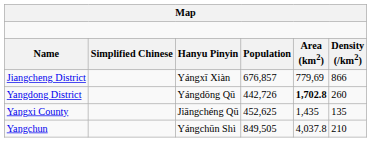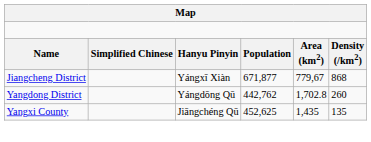 <table class="wikitable" style="font-size:90%;">
 <tr>
 <th colspan="6">Map</th>
 </tr>
 <tr>
 <td colspan="6"><div><br>      </div></td>
 </tr>
 <tr>
 <th>Name</th>
 <th>Simplified Chinese</th>
 <th>Hanyu Pinyin</th>
 <th>Population<br></th>
 <th>Area<br>(km<sup>2</sup>)</th>
 <th>Density<br>(/km<sup>2</sup>)</th>
 </tr>
 <tr>
 <td><a href='#'>Jiangcheng District</a></td>
 <td></td>
 <td>Yángxī Xiàn</td>
-<td>676,857</td>
-<td>779,69</td>
-<td>866</td>
+<td>671,877</td>
+<td>779,67</td>
+<td>868</td>
 </tr>
 <tr>
 <td><a href='#'>Yangdong District</a></td>
 <td></td>
 <td>Yángdōng Qū</td>
-<td>442,726</td>
-<td><strong>1,702.8</strong></td>
+<td>442,762</td>
+<td>1,702.8</td>
 <td>260</td>
 </tr>
 <tr>
 <td><a href='#'>Yangxi County</a></td>
 <td></td>
 <td>Jiāngchéng Qū</td>
 <td>452,625</td>
 <td>1,435</td>
 <td>135</td>
 </tr>
-<tr>
-<td><a href='#'>Yangchun</a></td>
-<td></td>
-<td>Yángchūn Shì</td>
-<td>849,505</td>
-<td>4,037.8</td>
-<td>210</td>
-</tr>
 </table>
